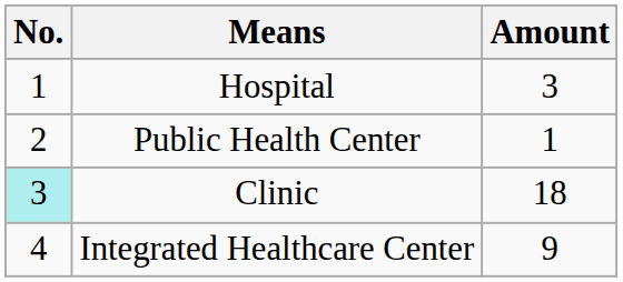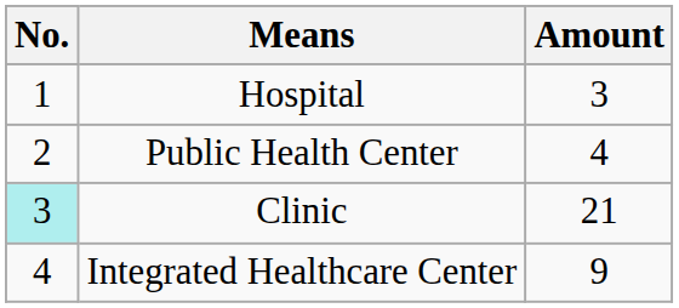 <table class="wikitable" style="text-align:center">
 <tr>
 <th>No.</th>
 <th>Means</th>
 <th>Amount</th>
 </tr>
 <tr>
 <td>1</td>
 <td>Hospital</td>
 <td>3</td>
 </tr>
 <tr>
 <td>2</td>
 <td>Public Health Center</td>
-<td>1</td>
+<td>4</td>
 </tr>
 <tr>
 <td style="background: paleturquoise;">3</td>
 <td>Clinic</td>
-<td>18</td>
+<td>21</td>
 </tr>
 <tr>
 <td>4</td>
 <td>Integrated Healthcare Center</td>
 <td>9</td>
 </tr>
 </table>
